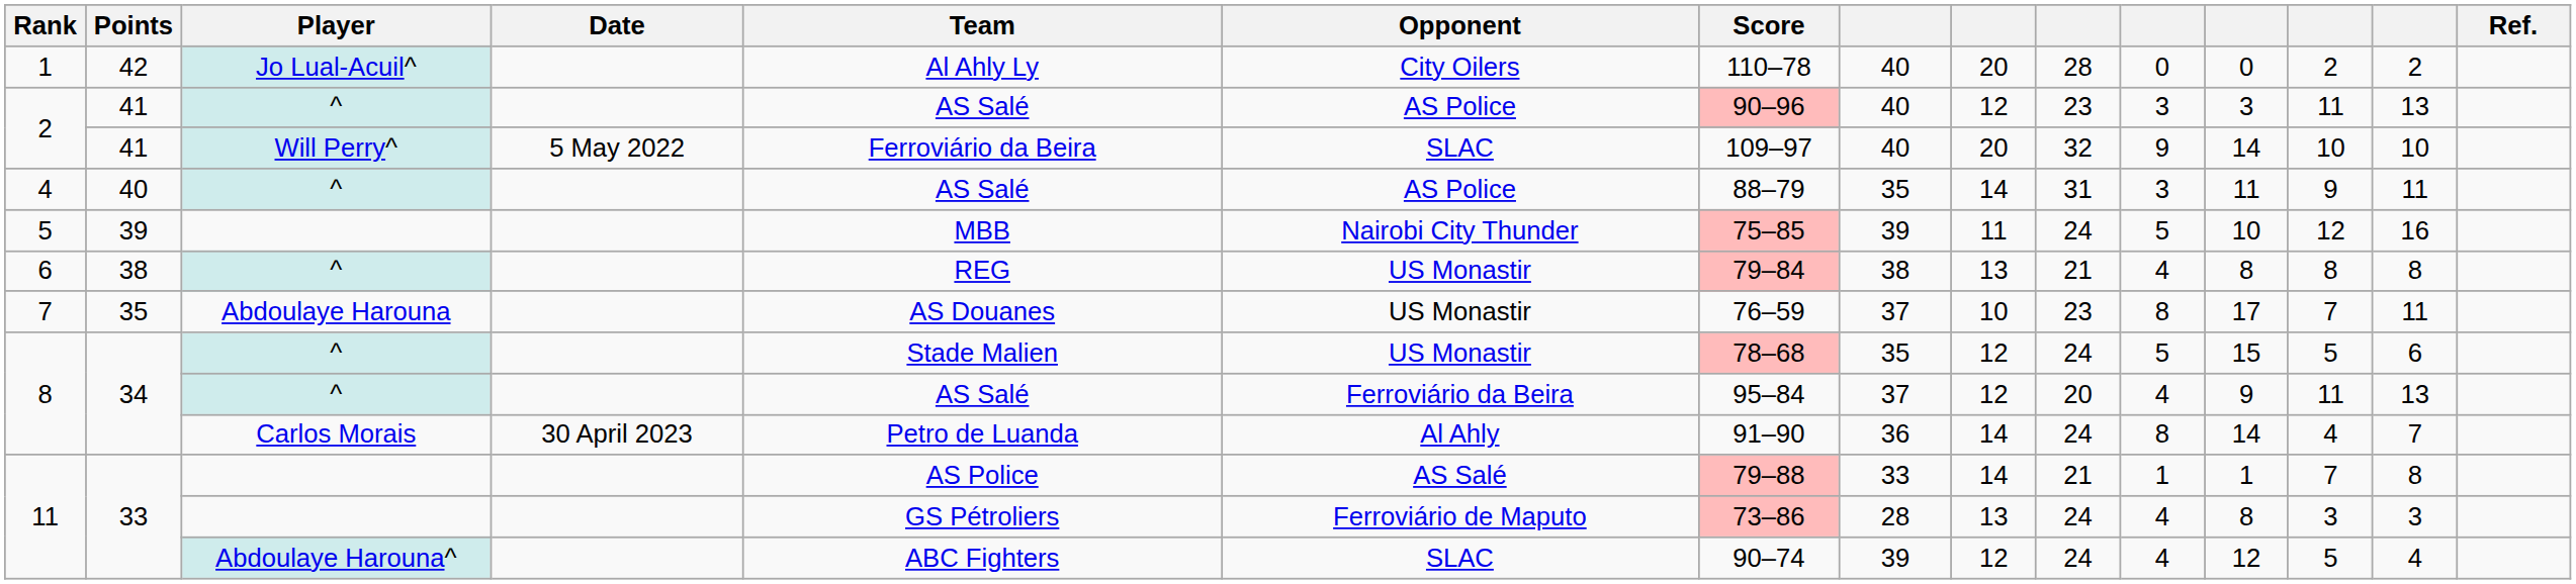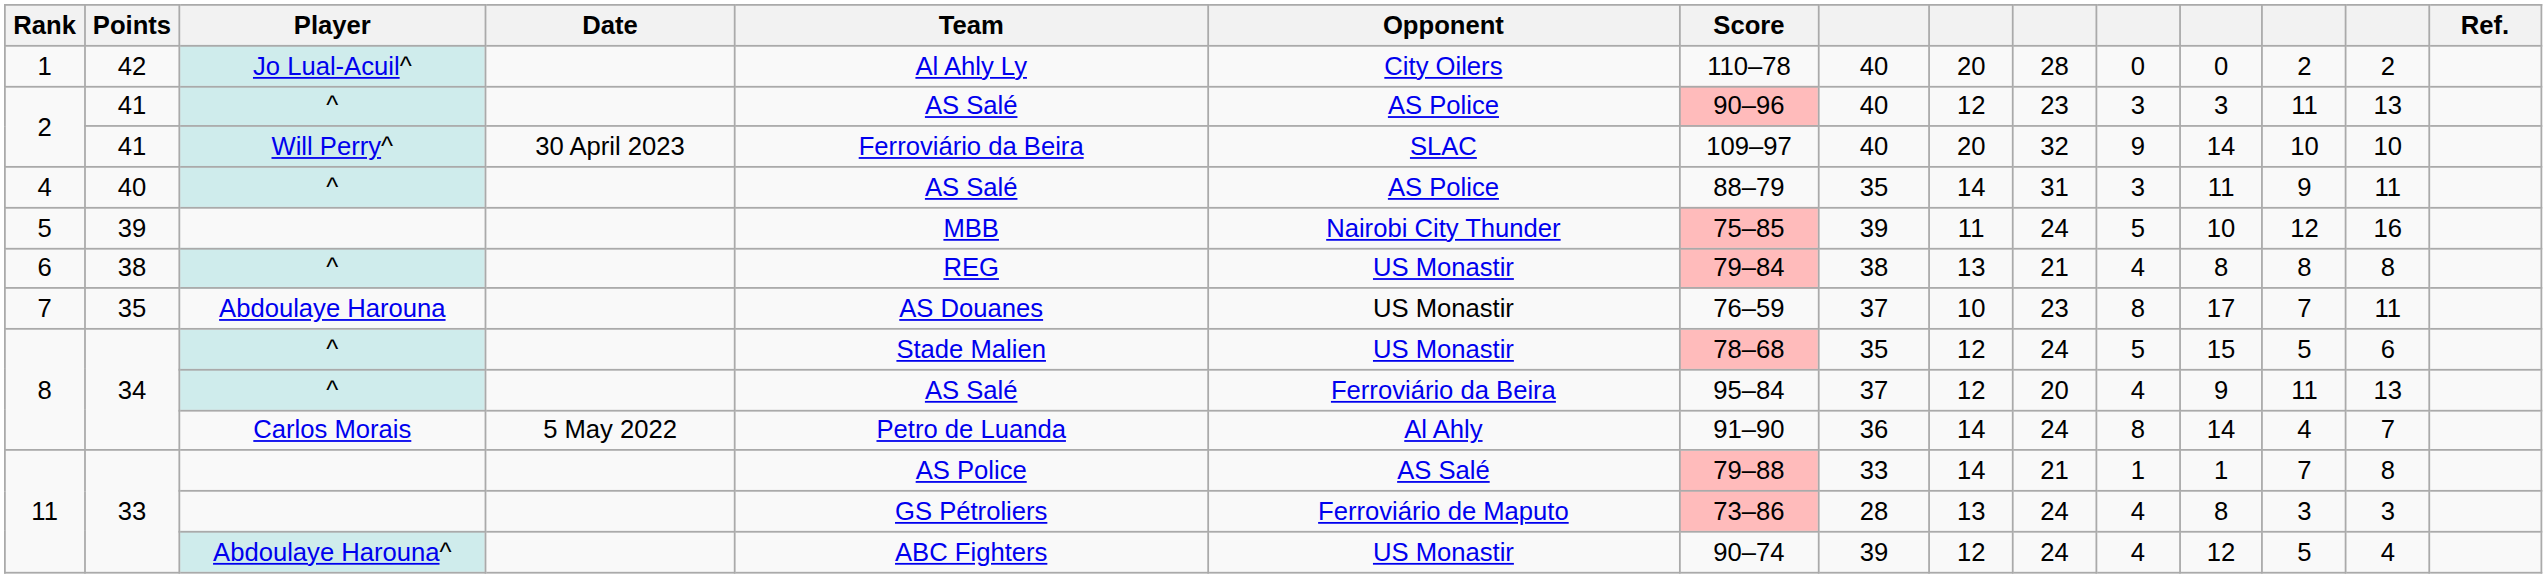 <table class="wikitable sortable" style="font-size:90%; width:90%; margin-right:0; text-align:center">
 <tr>
 <th width="2%">Rank</th>
 <th width="2%">Points</th>
 <th width="11%">Player</th>
 <th width="9%">Date</th>
 <th width="17%">Team</th>
 <th width="17%">Opponent</th>
 <th width="5%">Score</th>
 <th width="4%"></th>
 <th width="3%"></th>
 <th width="3%"></th>
 <th width="3%"></th>
 <th width="3%"></th>
 <th width="3%"></th>
 <th width="3%"></th>
 <th class="unsortable" width="4%">Ref.</th>
 </tr>
 <tr>
 <td>1</td>
 <td>42</td>
 <td style="background-color:#CFECEC;"><a href='#'>Jo Lual-Acuil</a>^</td>
 <td></td>
 <td><a href='#'>Al Ahly Ly</a></td>
 <td><a href='#'>City Oilers</a></td>
 <td>110–78</td>
 <td>40</td>
 <td>20</td>
 <td>28</td>
 <td>0</td>
 <td>0</td>
 <td>2</td>
 <td>2</td>
 <td></td>
 </tr>
 <tr>
 <td rowspan="2">2</td>
 <td>41</td>
 <td style="background-color:#CFECEC">^</td>
 <td></td>
 <td><a href='#'>AS Salé</a></td>
 <td><a href='#'>AS Police</a></td>
 <td bgcolor="#ffbbbb">90–96</td>
 <td>40</td>
 <td>12</td>
 <td>23</td>
 <td>3</td>
 <td>3</td>
 <td>11</td>
 <td>13</td>
 <td></td>
 </tr>
 <tr>
 <td>41</td>
 <td style="background-color:#CFECEC;"><a href='#'>Will Perry</a>^</td>
-<td>5 May 2022</td>
+<td>30 April 2023</td>
 <td><a href='#'>Ferroviário da Beira</a></td>
 <td><a href='#'>SLAC</a></td>
 <td>109–97</td>
 <td>40</td>
 <td>20</td>
 <td>32</td>
 <td>9</td>
 <td>14</td>
 <td>10</td>
 <td>10</td>
 <td></td>
 </tr>
 <tr>
 <td>4</td>
 <td>40</td>
 <td style="background-color:#CFECEC">^</td>
 <td></td>
 <td><a href='#'>AS Salé</a></td>
 <td><a href='#'>AS Police</a></td>
 <td>88–79</td>
 <td>35</td>
 <td>14</td>
 <td>31</td>
 <td>3</td>
 <td>11</td>
 <td>9</td>
 <td>11</td>
 <td></td>
 </tr>
 <tr>
 <td>5</td>
 <td>39</td>
 <td></td>
 <td></td>
 <td><a href='#'>MBB</a></td>
 <td><a href='#'>Nairobi City Thunder</a></td>
 <td bgcolor="#ffbbbb">75–85</td>
 <td>39</td>
 <td>11</td>
 <td>24</td>
 <td>5</td>
 <td>10</td>
 <td>12</td>
 <td>16</td>
 <td></td>
 </tr>
 <tr>
 <td>6</td>
 <td>38</td>
 <td style="background-color:#CFECEC">^</td>
 <td></td>
 <td><a href='#'>REG</a></td>
 <td><a href='#'>US Monastir</a></td>
 <td bgcolor="#ffbbbb">79–84</td>
 <td>38</td>
 <td>13</td>
 <td>21</td>
 <td>4</td>
 <td>8</td>
 <td>8</td>
 <td>8</td>
 <td></td>
 </tr>
 <tr>
 <td>7</td>
 <td>35</td>
 <td><a href='#'>Abdoulaye Harouna</a></td>
 <td></td>
 <td><a href='#'>AS Douanes</a></td>
 <td>US Monastir</td>
 <td>76–59</td>
 <td>37</td>
 <td>10</td>
 <td>23</td>
 <td>8</td>
 <td>17</td>
 <td>7</td>
 <td>11</td>
 <td></td>
 </tr>
 <tr>
 <td rowspan="3">8</td>
 <td rowspan="3">34</td>
 <td style="background-color:#CFECEC">^</td>
 <td></td>
 <td><a href='#'>Stade Malien</a></td>
 <td><a href='#'>US Monastir</a></td>
 <td bgcolor="#ffbbbb">78–68</td>
 <td>35</td>
 <td>12</td>
 <td>24</td>
 <td>5</td>
 <td>15</td>
 <td>5</td>
 <td>6</td>
 <td></td>
 </tr>
 <tr>
 <td style="background-color:#CFECEC">^</td>
 <td></td>
 <td><a href='#'>AS Salé</a></td>
 <td><a href='#'>Ferroviário da Beira</a></td>
 <td>95–84</td>
 <td>37</td>
 <td>12</td>
 <td>20</td>
 <td>4</td>
 <td>9</td>
 <td>11</td>
 <td>13</td>
 <td></td>
 </tr>
 <tr>
 <td><a href='#'>Carlos Morais</a></td>
-<td>30 April 2023</td>
+<td>5 May 2022</td>
 <td><a href='#'>Petro de Luanda</a></td>
 <td><a href='#'>Al Ahly</a></td>
 <td>91–90</td>
 <td>36</td>
 <td>14</td>
 <td>24</td>
 <td>8</td>
 <td>14</td>
 <td>4</td>
 <td>7</td>
 <td></td>
 </tr>
 <tr>
 <td rowspan="3">11</td>
 <td rowspan="3">33</td>
 <td></td>
 <td></td>
 <td><a href='#'>AS Police</a></td>
 <td><a href='#'>AS Salé</a></td>
 <td style="background-color:#ffbbbb">79–88</td>
 <td>33</td>
 <td>14</td>
 <td>21</td>
 <td>1</td>
 <td>1</td>
 <td>7</td>
 <td>8</td>
 <td></td>
 </tr>
 <tr>
 <td></td>
 <td></td>
 <td><a href='#'>GS Pétroliers</a></td>
 <td><a href='#'>Ferroviário de Maputo</a></td>
 <td bgcolor="#ffbbbb">73–86</td>
 <td>28</td>
 <td>13</td>
 <td>24</td>
 <td>4</td>
 <td>8</td>
 <td>3</td>
 <td>3</td>
 <td></td>
 </tr>
 <tr>
 <td style="background-color:#CFECEC"><a href='#'>Abdoulaye Harouna</a>^</td>
 <td></td>
 <td><a href='#'>ABC Fighters</a></td>
-<td><a href='#'>SLAC</a></td>
+<td><a href='#'>US Monastir</a></td>
 <td>90–74</td>
 <td>39</td>
 <td>12</td>
 <td>24</td>
 <td>4</td>
 <td>12</td>
 <td>5</td>
 <td>4</td>
 <td></td>
 </tr>
 </table>
